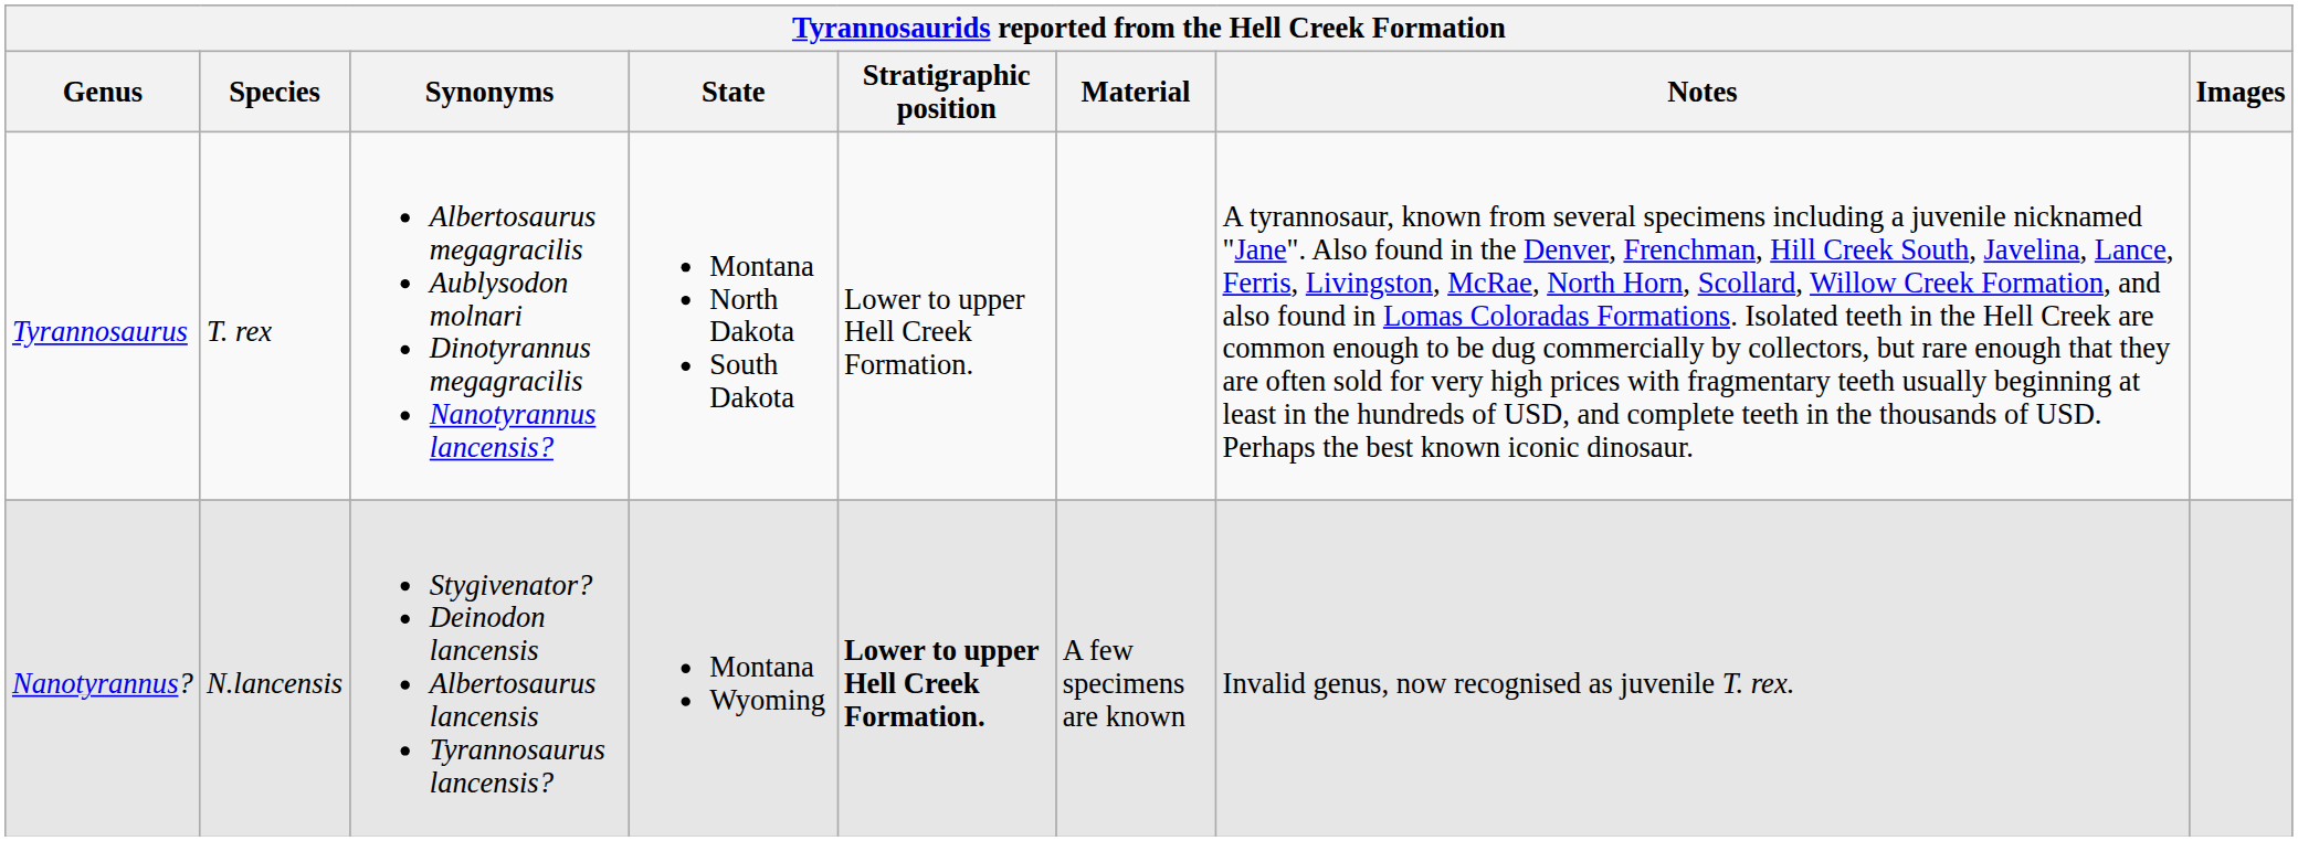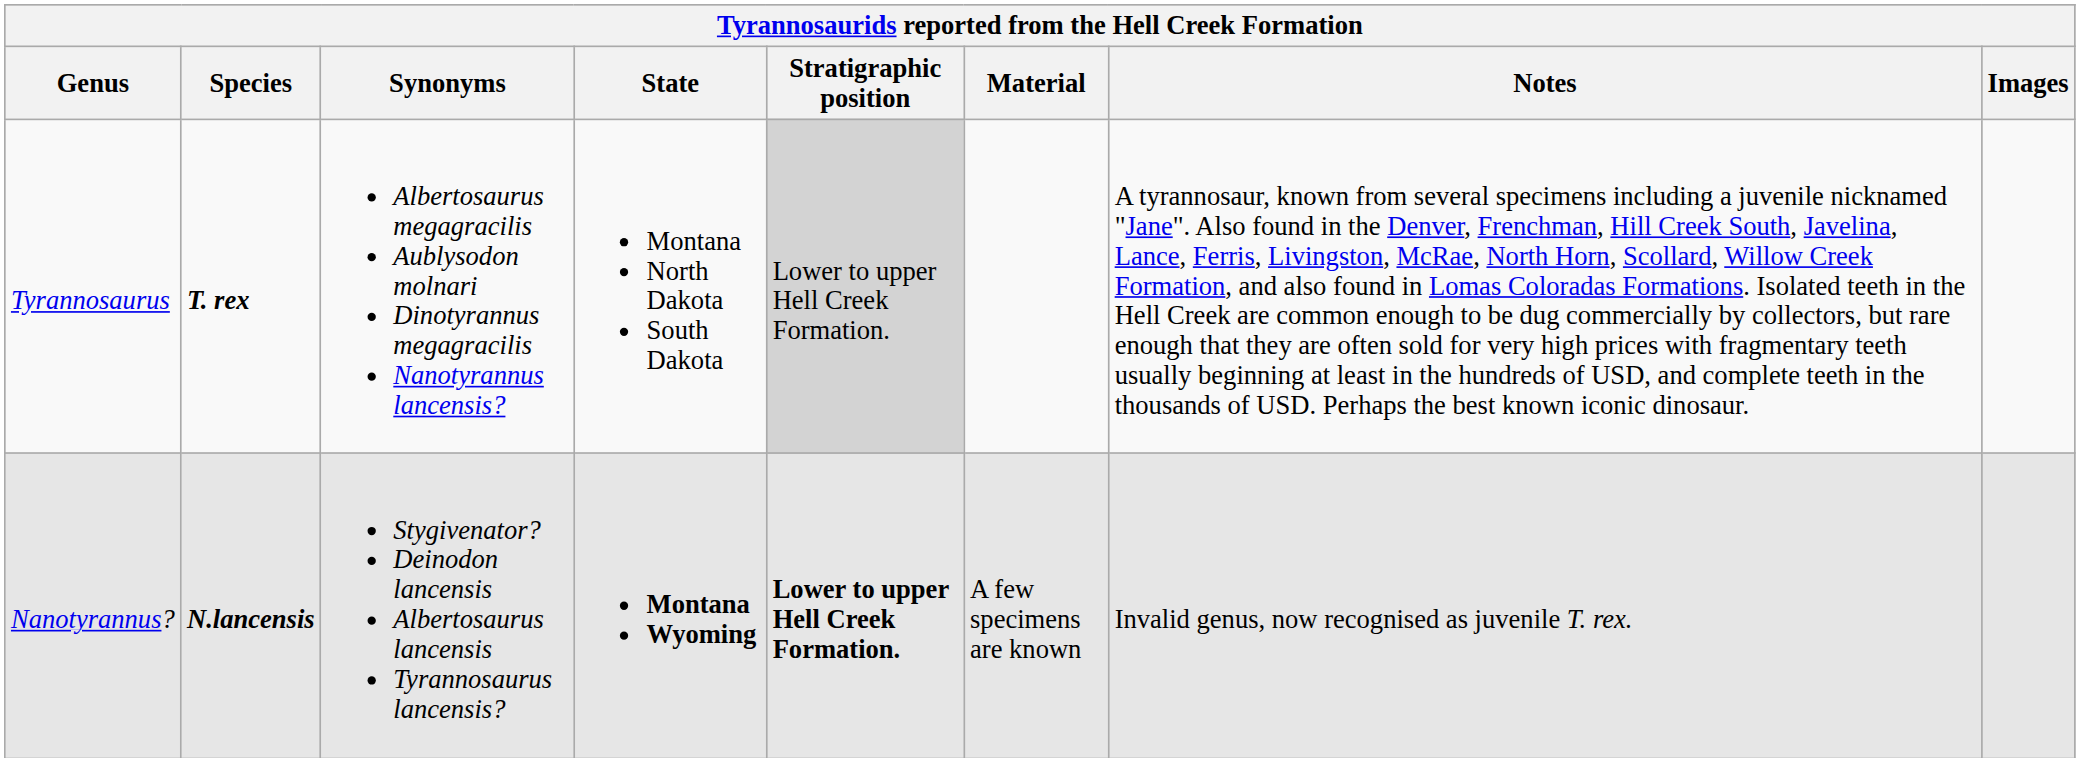 <table class="wikitable sortable mw-collapsible">
 <tr>
 <th colspan="8" style="text-align:center;"><strong><a href='#'>Tyrannosaurids</a> reported from the Hell Creek Formation</strong></th>
 </tr>
 <tr>
 <th>Genus</th>
 <th>Species</th>
 <th>Synonyms</th>
 <th>State</th>
 <th>Stratigraphic position</th>
 <th>Material</th>
 <th>Notes</th>
 <th>Images</th>
 </tr>
 <tr>
 <td><br><em><a href='#'>Tyrannosaurus</a></em></td>
-<td><br><em>T. rex</em></td>
+<td><strong><br><em>T. rex</em></strong></td>
 <td><br><ul><li><em>Albertosaurus megagracilis</em></li><li><em>Aublysodon molnari</em></li><li><em>Dinotyrannus megagracilis</em></li><li><em><a href='#'>Nanotyrannus lancensis?</a></em></li></ul></td>
 <td><br><ul><li>Montana</li><li>North Dakota</li><li>South Dakota</li></ul></td>
-<td><br>Lower to upper Hell Creek Formation.</td>
+<td style="background: lightgrey;"><br>Lower to upper Hell Creek Formation.</td>
 <td></td>
 <td><br>A tyrannosaur, known from several specimens including a juvenile nicknamed "<a href='#'>Jane</a>". Also found in the <a href='#'>Denver</a>, <a href='#'>Frenchman</a>, <a href='#'>Hill Creek South</a>, <a href='#'>Javelina</a>, <a href='#'>Lance</a>, <a href='#'>Ferris</a>, <a href='#'>Livingston</a>, <a href='#'>McRae</a>, <a href='#'>North Horn</a>, <a href='#'>Scollard</a>, <a href='#'>Willow Creek Formation</a>, and also found in <a href='#'>Lomas Coloradas Formations</a>. Isolated teeth in the Hell Creek are common enough to be dug commercially by collectors, but rare enough that they are often sold for very high prices with fragmentary teeth usually beginning at least in the hundreds of USD, and complete teeth in the thousands of USD. Perhaps the best known iconic dinosaur.</td>
 <td><br></td>
 </tr>
 <tr>
 <td style="background:#E6E6E6;"><br><em><a href='#'>Nanotyrannus</a>?</em></td>
-<td style="background:#E6E6E6;"><br><em>N.lancensis</em></td>
+<td style="background:#E6E6E6;"><strong><br><em>N.lancensis</em></strong></td>
 <td style="background:#E6E6E6;"><br><ul><li><em>Stygivenator?</em></li><li><em>Deinodon lancensis</em></li><li><em>Albertosaurus lancensis</em></li><li><em>Tyrannosaurus lancensis?</em></li></ul></td>
-<td style="background:#E6E6E6;"><br><ul><li>Montana</li><li>Wyoming</li></ul></td>
+<td style="background:#E6E6E6;"><strong><br><ul><li>Montana</li><li>Wyoming</li></ul></strong></td>
 <td style="background:#E6E6E6;"><strong><br>Lower to upper Hell Creek Formation.</strong></td>
 <td style="background:#E6E6E6;"><br>A few specimens are known</td>
 <td style="background:#E6E6E6;"><br>Invalid genus, now recognised as juvenile <em>T. rex.</em></td>
 <td style="background:#E6E6E6;"><br></td>
 </tr>
 </table>
